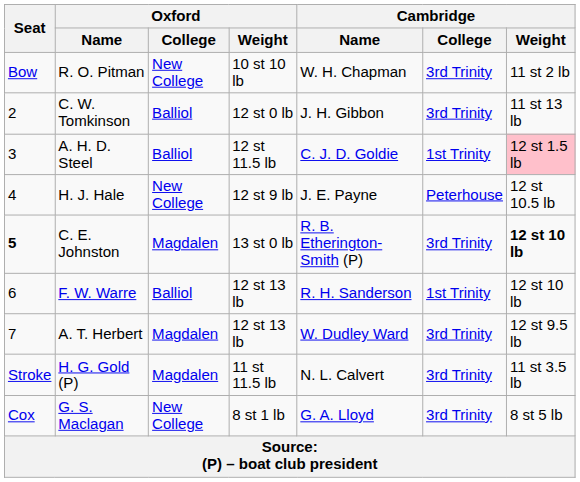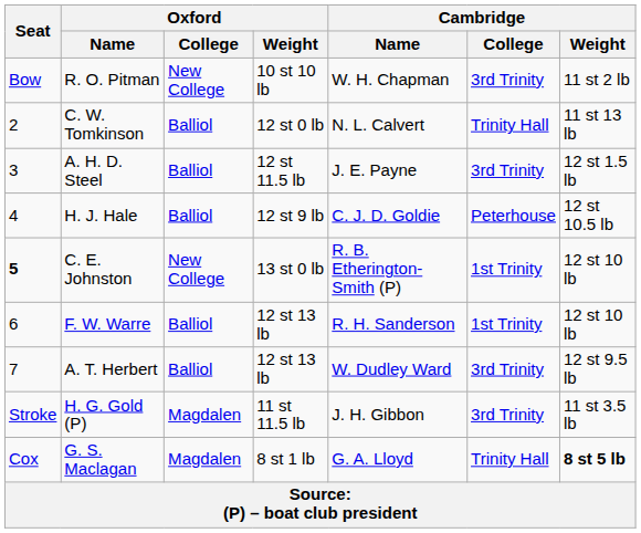 <table class="wikitable">
 <tr>
 <th rowspan="2" scope="col">Seat</th>
 <th colspan="3" scope="col">Oxford <br> </th>
 <th colspan="3" scope="col">Cambridge <br> </th>
 </tr>
 <tr>
 <th>Name</th>
 <th>College</th>
 <th>Weight</th>
 <th>Name</th>
 <th>College</th>
 <th>Weight</th>
 </tr>
 <tr>
 <td><a href='#'>Bow</a></td>
 <td>R. O. Pitman</td>
 <td><a href='#'>New College</a></td>
 <td>10 st 10 lb</td>
 <td>W. H. Chapman</td>
 <td><a href='#'>3rd Trinity</a></td>
 <td>11 st 2 lb</td>
 </tr>
 <tr>
 <td>2</td>
 <td>C. W. Tomkinson</td>
 <td><a href='#'>Balliol</a></td>
 <td>12 st 0 lb</td>
-<td>J. H. Gibbon</td>
-<td><a href='#'>3rd Trinity</a></td>
+<td>N. L. Calvert</td>
+<td><a href='#'>Trinity Hall</a></td>
 <td>11 st 13 lb</td>
 </tr>
 <tr>
 <td>3</td>
 <td>A. H. D. Steel</td>
 <td><a href='#'>Balliol</a></td>
 <td>12 st 11.5 lb</td>
-<td><a href='#'>C. J. D. Goldie</a></td>
-<td><a href='#'>1st Trinity</a></td>
-<td style="background: pink;">12 st 1.5 lb</td>
+<td>J. E. Payne</td>
+<td><a href='#'>3rd Trinity</a></td>
+<td>12 st 1.5 lb</td>
 </tr>
 <tr>
 <td>4</td>
 <td>H. J. Hale</td>
-<td><a href='#'>New College</a></td>
+<td><a href='#'>Balliol</a></td>
 <td>12 st 9 lb</td>
-<td>J. E. Payne</td>
+<td><a href='#'>C. J. D. Goldie</a></td>
 <td><a href='#'>Peterhouse</a></td>
 <td>12 st 10.5 lb</td>
 </tr>
 <tr>
 <td><strong>5</strong></td>
 <td>C. E. Johnston</td>
-<td><a href='#'>Magdalen</a></td>
+<td><a href='#'>New College</a></td>
 <td>13 st 0 lb</td>
 <td><a href='#'>R. B. Etherington-Smith</a> (P)</td>
-<td><a href='#'>3rd Trinity</a></td>
-<td><strong>12 st 10 lb</strong></td>
+<td><a href='#'>1st Trinity</a></td>
+<td>12 st 10 lb</td>
 </tr>
 <tr>
 <td>6</td>
 <td><a href='#'>F. W. Warre</a></td>
 <td><a href='#'>Balliol</a></td>
 <td>12 st 13 lb</td>
 <td><a href='#'>R. H. Sanderson</a></td>
 <td><a href='#'>1st Trinity</a></td>
 <td>12 st 10 lb</td>
 </tr>
 <tr>
 <td>7</td>
 <td>A. T. Herbert</td>
-<td><a href='#'>Magdalen</a></td>
+<td><a href='#'>Balliol</a></td>
 <td>12 st 13 lb</td>
 <td><a href='#'>W. Dudley Ward</a></td>
 <td><a href='#'>3rd Trinity</a></td>
 <td>12 st 9.5 lb</td>
 </tr>
 <tr>
 <td><a href='#'>Stroke</a></td>
 <td><a href='#'>H. G. Gold</a> (P)</td>
 <td><a href='#'>Magdalen</a></td>
 <td>11 st 11.5 lb</td>
-<td>N. L. Calvert</td>
+<td>J. H. Gibbon</td>
 <td><a href='#'>3rd Trinity</a></td>
 <td>11 st 3.5 lb</td>
 </tr>
 <tr>
 <td><a href='#'>Cox</a></td>
 <td><a href='#'>G. S. Maclagan</a></td>
-<td><a href='#'>New College</a></td>
+<td><a href='#'>Magdalen</a></td>
 <td>8 st 1 lb</td>
 <td><a href='#'>G. A. Lloyd</a></td>
-<td><a href='#'>3rd Trinity</a></td>
-<td>8 st 5 lb</td>
+<td><a href='#'>Trinity Hall</a></td>
+<td><strong>8 st 5 lb</strong></td>
 </tr>
 <tr>
 <th colspan="7">Source:<br>(P) – boat club president</th>
 </tr>
 </table>
